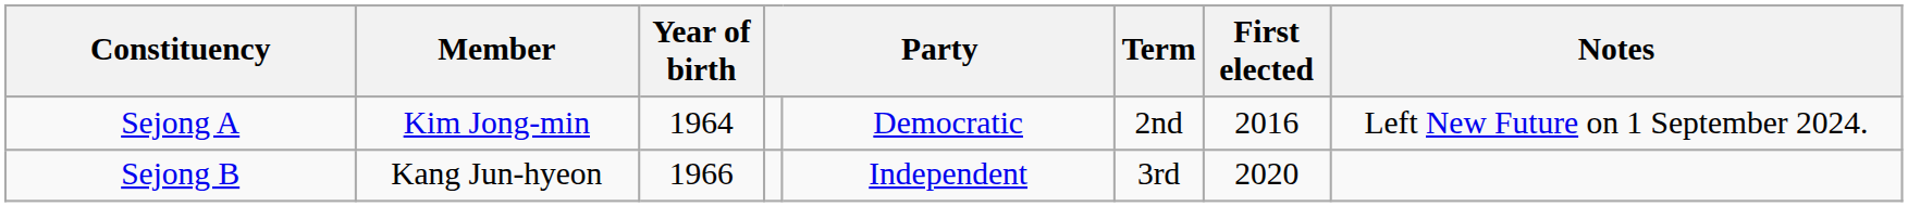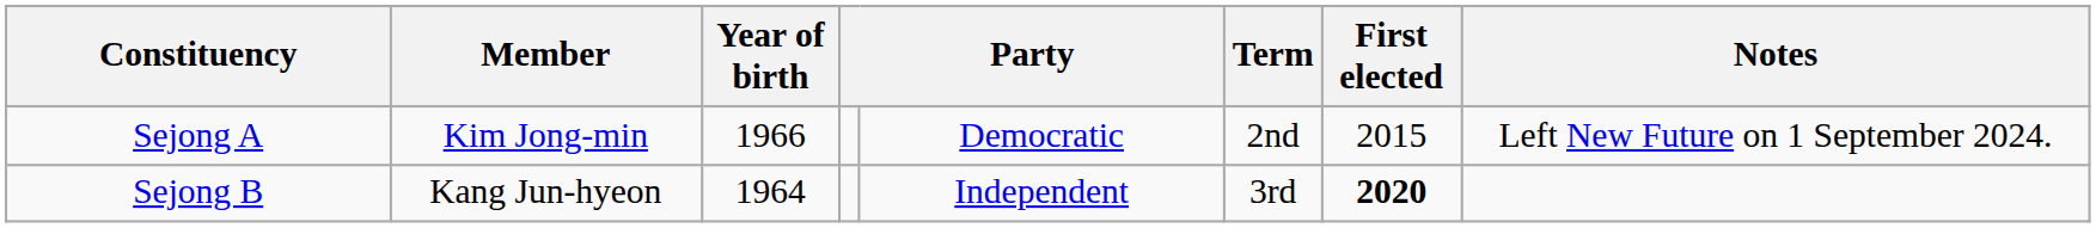 <table class="wikitable sortable" style="font-size:90%; text-align:center">
 <tr>
 <th scope="col" style="width:150px;">Constituency</th>
 <th scope="col" style="width:120px;">Member</th>
 <th scope="col" style="width:50px;">Year of birth</th>
 <th scope="col" style="width:150px;" colspan="2">Party</th>
 <th scope="col" style="width:20px;">Term</th>
 <th scope="col" style="width:50px;">First elected</th>
 <th scope="col" style="width:250px;" class="unsortable">Notes</th>
 </tr>
 <tr>
 <td><a href='#'>Sejong A</a></td>
 <td><a href='#'>Kim Jong-min</a></td>
-<td>1964</td>
+<td>1966</td>
 <td scope="row" width="1" style="background-color:"></td>
 <td><a href='#'>Democratic</a></td>
 <td>2nd</td>
-<td>2016</td>
+<td>2015</td>
 <td>Left <a href='#'>New Future</a> on 1 September 2024. </td>
 </tr>
 <tr>
 <td><a href='#'>Sejong B</a></td>
 <td>Kang Jun-hyeon</td>
-<td>1966</td>
+<td>1964</td>
 <td scope="row" style="background-color:"></td>
 <td><a href='#'>Independent</a></td>
 <td>3rd</td>
-<td>2020</td>
+<td><strong>2020</strong></td>
 <td></td>
 </tr>
 </table>
